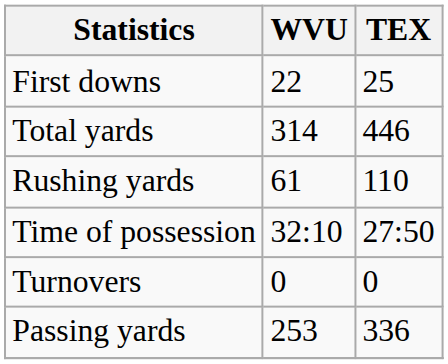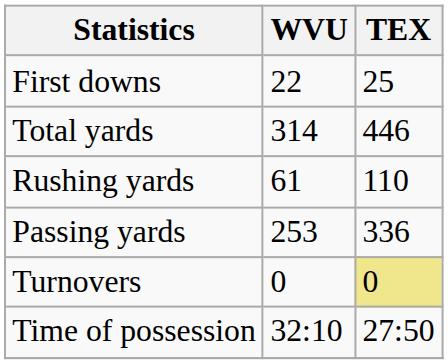 <table class="wikitable" style="float: left;">
 <tr>
 <th>Statistics</th>
 <th>WVU</th>
 <th>TEX</th>
 </tr>
 <tr>
 <td>First downs</td>
 <td>22</td>
 <td>25</td>
 </tr>
 <tr>
 <td>Total yards</td>
 <td>314</td>
 <td>446</td>
 </tr>
 <tr>
 <td>Rushing yards</td>
 <td>61</td>
 <td>110</td>
 </tr>
 <tr>
+<td>Passing yards</td>
+<td>253</td>
+<td>336</td>
+</tr>
+<tr>
+<td>Turnovers</td>
+<td>0</td>
+<td style="background: khaki;">0</td>
+</tr>
+<tr>
 <td>Time of possession</td>
 <td>32:10</td>
 <td>27:50</td>
 </tr>
 <tr>
-<td>Turnovers</td>
-<td>0</td>
-<td>0</td>
-</tr>
-<tr>
-<td>Passing yards</td>
-<td>253</td>
-<td>336</td>
-</tr>
-<tr>
 </tr>
 </table>
